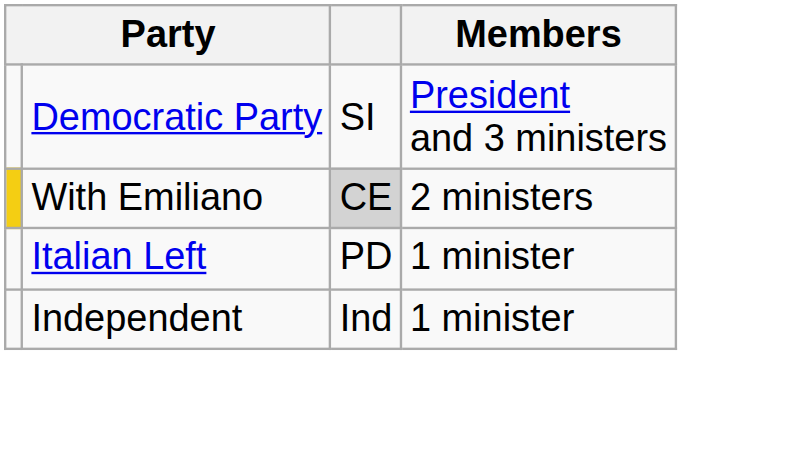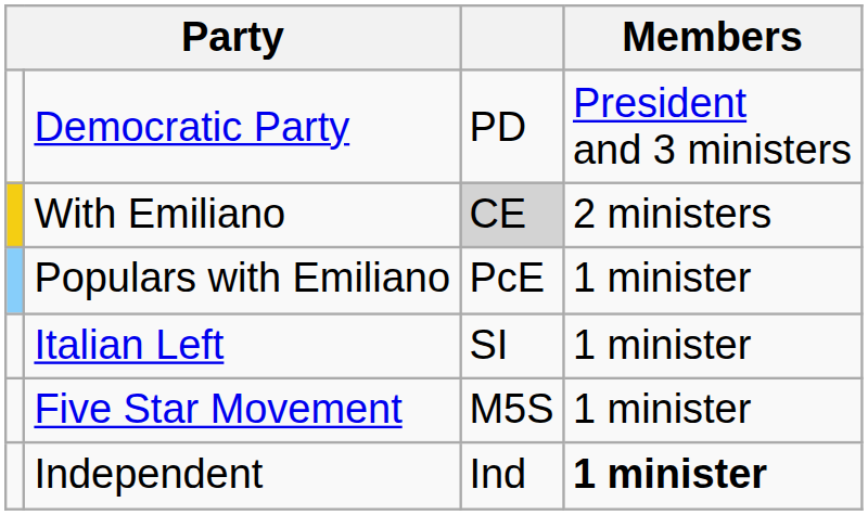 <table class="wikitable">
 <tr>
 <th colspan=2>Party</th>
 <th></th>
 <th>Members</th>
 </tr>
 <tr>
 <td style="background:"></td>
 <td><a href='#'>Democratic Party</a></td>
-<td>SI</td>
+<td>PD</td>
 <td><a href='#'>President</a> <br>and 3 ministers</td>
 </tr>
 <tr>
 <td style="background:#F4CE13;"></td>
 <td>With Emiliano</td>
 <td style="background: lightgrey;">CE</td>
 <td>2 ministers</td>
 </tr>
 <tr>
+<td style="background:#87CEFA;"></td>
+<td>Populars with Emiliano</td>
+<td>PcE</td>
+<td>1 minister</td>
+</tr>
+<tr>
 <td style="background:"></td>
 <td><a href='#'>Italian Left</a></td>
-<td>PD</td>
+<td>SI</td>
+<td>1 minister</td>
+</tr>
+<tr>
+<td style="background:"></td>
+<td><a href='#'>Five Star Movement</a></td>
+<td>M5S</td>
 <td>1 minister</td>
 </tr>
 <tr>
 <td style="background:"></td>
 <td>Independent</td>
 <td>Ind</td>
-<td>1 minister</td>
+<td><strong>1 minister</strong></td>
 </tr>
 </table>
